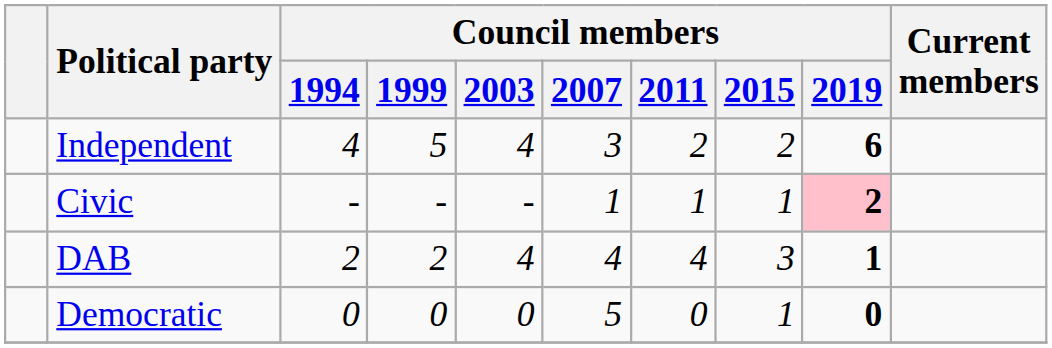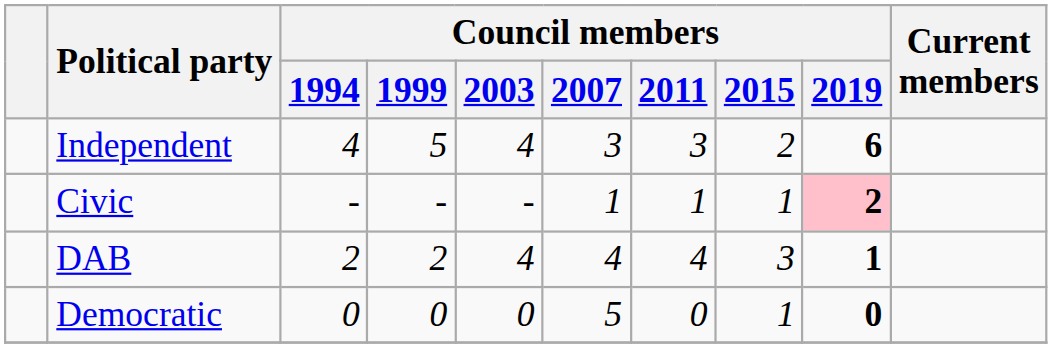 <table class="wikitable">
 <tr>
 <th rowspan="2">   </th>
 <th rowspan="2">Political party</th>
 <th colspan="7">Council members</th>
 <th colspan="12" rowspan="2">Current<br>members</th>
 </tr>
 <tr>
 <th><a href='#'>1994</a></th>
 <th><a href='#'>1999</a></th>
 <th><a href='#'>2003</a></th>
 <th><a href='#'>2007</a></th>
 <th><a href='#'>2011</a></th>
 <th><a href='#'>2015</a></th>
 <th><a href='#'>2019</a></th>
 </tr>
 <tr>
 <td bgcolor=> </td>
 <td><a href='#'>Independent</a></td>
 <td style="text-align: right"><em>4</em></td>
 <td style="text-align: right"><em>5</em></td>
 <td style="text-align: right"><em>4</em></td>
 <td style="text-align: right"><em>3</em></td>
-<td style="text-align: right"><em>2</em></td>
+<td style="text-align: right"><em>3</em></td>
 <td style="text-align: right"><em>2</em></td>
 <td style="text-align: right"><strong>6</strong></td>
 <td></td>
 </tr>
 <tr>
 <td style="background-color:"> </td>
 <td><a href='#'>Civic</a></td>
 <td style="text-align: right"><em>-</em></td>
 <td style="text-align: right"><em>-</em></td>
 <td style="text-align: right"><em>-</em></td>
 <td style="text-align: right"><em>1</em></td>
 <td style="text-align: right"><em>1</em></td>
 <td style="text-align: right"><em>1</em></td>
 <td style="background: pink; text-align: right"><strong>2</strong></td>
 <td></td>
 </tr>
 <tr>
 <td bgcolor=> </td>
 <td><a href='#'>DAB</a></td>
 <td style="text-align: right"><em>2</em></td>
 <td style="text-align: right"><em>2</em></td>
 <td style="text-align: right"><em>4</em></td>
 <td style="text-align: right"><em>4</em></td>
 <td style="text-align: right"><em>4</em></td>
 <td style="text-align: right"><em>3</em></td>
 <td style="text-align: right"><strong>1</strong></td>
 <td></td>
 </tr>
 <tr>
 <td bgcolor=> </td>
 <td><a href='#'>Democratic</a></td>
 <td style="text-align: right"><em>0</em></td>
 <td style="text-align: right"><em>0</em></td>
 <td style="text-align: right"><em>0</em></td>
 <td style="text-align: right"><em>5</em></td>
 <td style="text-align: right"><em>0</em></td>
 <td style="text-align: right"><em>1</em></td>
 <td style="text-align: right"><strong>0</strong></td>
 <td></td>
 </tr>
 <tr>
 </tr>
 </table>
